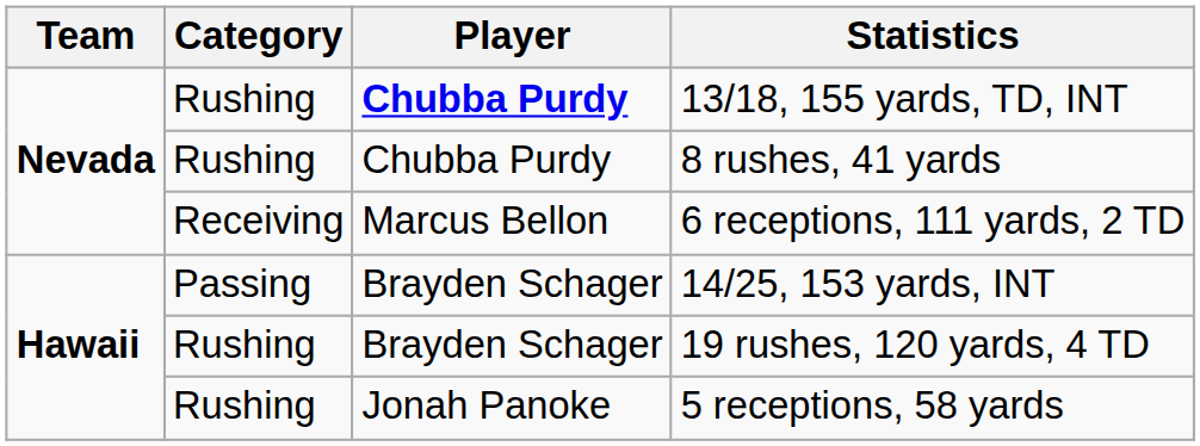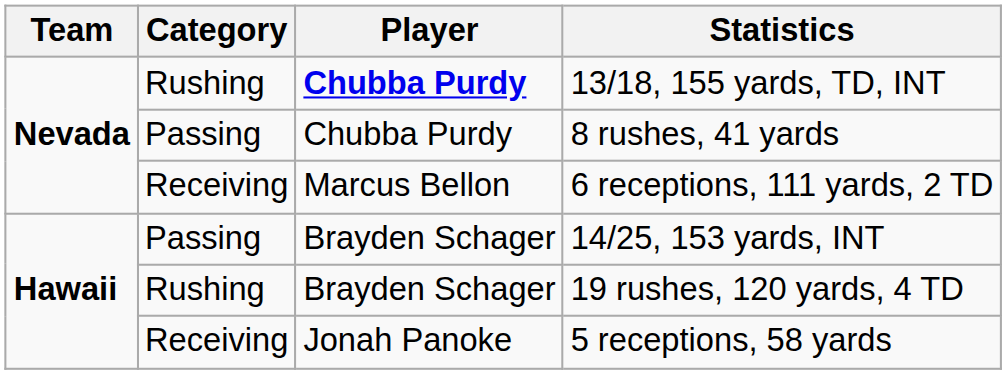 <table class="wikitable" style="float: right;">
 <tr>
 <th>Team</th>
 <th>Category</th>
 <th>Player</th>
 <th>Statistics</th>
 </tr>
 <tr>
 <td rowspan=3><strong>Nevada</strong></td>
 <td>Rushing</td>
 <td><strong><a href='#'>Chubba Purdy</a></strong></td>
 <td>13/18, 155 yards, TD, INT</td>
 </tr>
 <tr>
-<td>Rushing</td>
+<td>Passing</td>
 <td>Chubba Purdy</td>
 <td>8 rushes, 41 yards</td>
 </tr>
 <tr>
 <td>Receiving</td>
 <td>Marcus Bellon</td>
 <td>6 receptions, 111 yards, 2 TD</td>
 </tr>
 <tr>
 <td rowspan=3><strong>Hawaii</strong></td>
 <td>Passing</td>
 <td>Brayden Schager</td>
 <td>14/25, 153 yards, INT</td>
 </tr>
 <tr>
 <td>Rushing</td>
 <td>Brayden Schager</td>
 <td>19 rushes, 120 yards, 4 TD</td>
 </tr>
 <tr>
-<td>Rushing</td>
+<td>Receiving</td>
 <td>Jonah Panoke</td>
 <td>5 receptions, 58 yards</td>
 </tr>
 </table>
